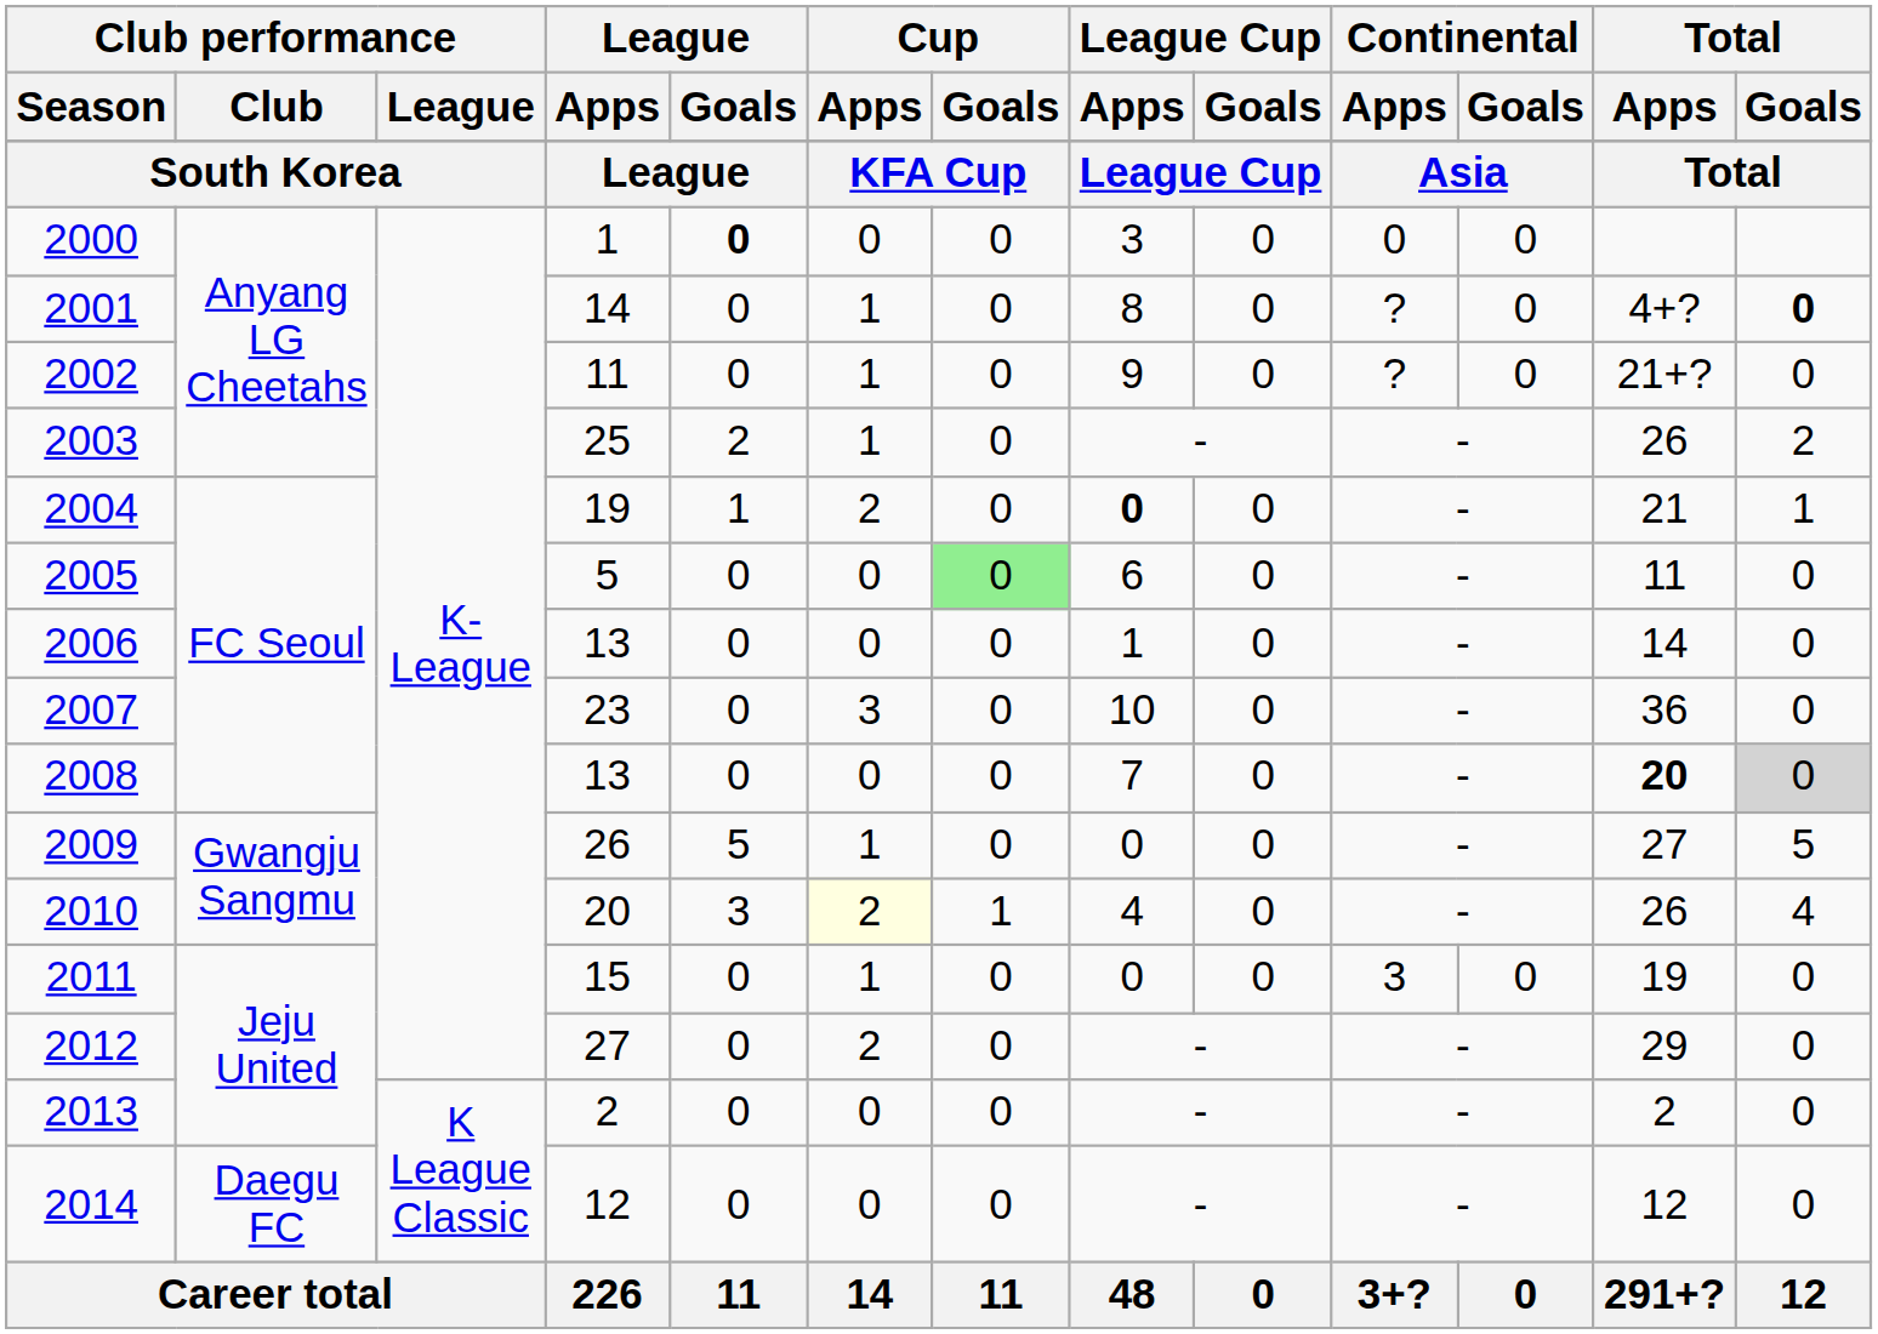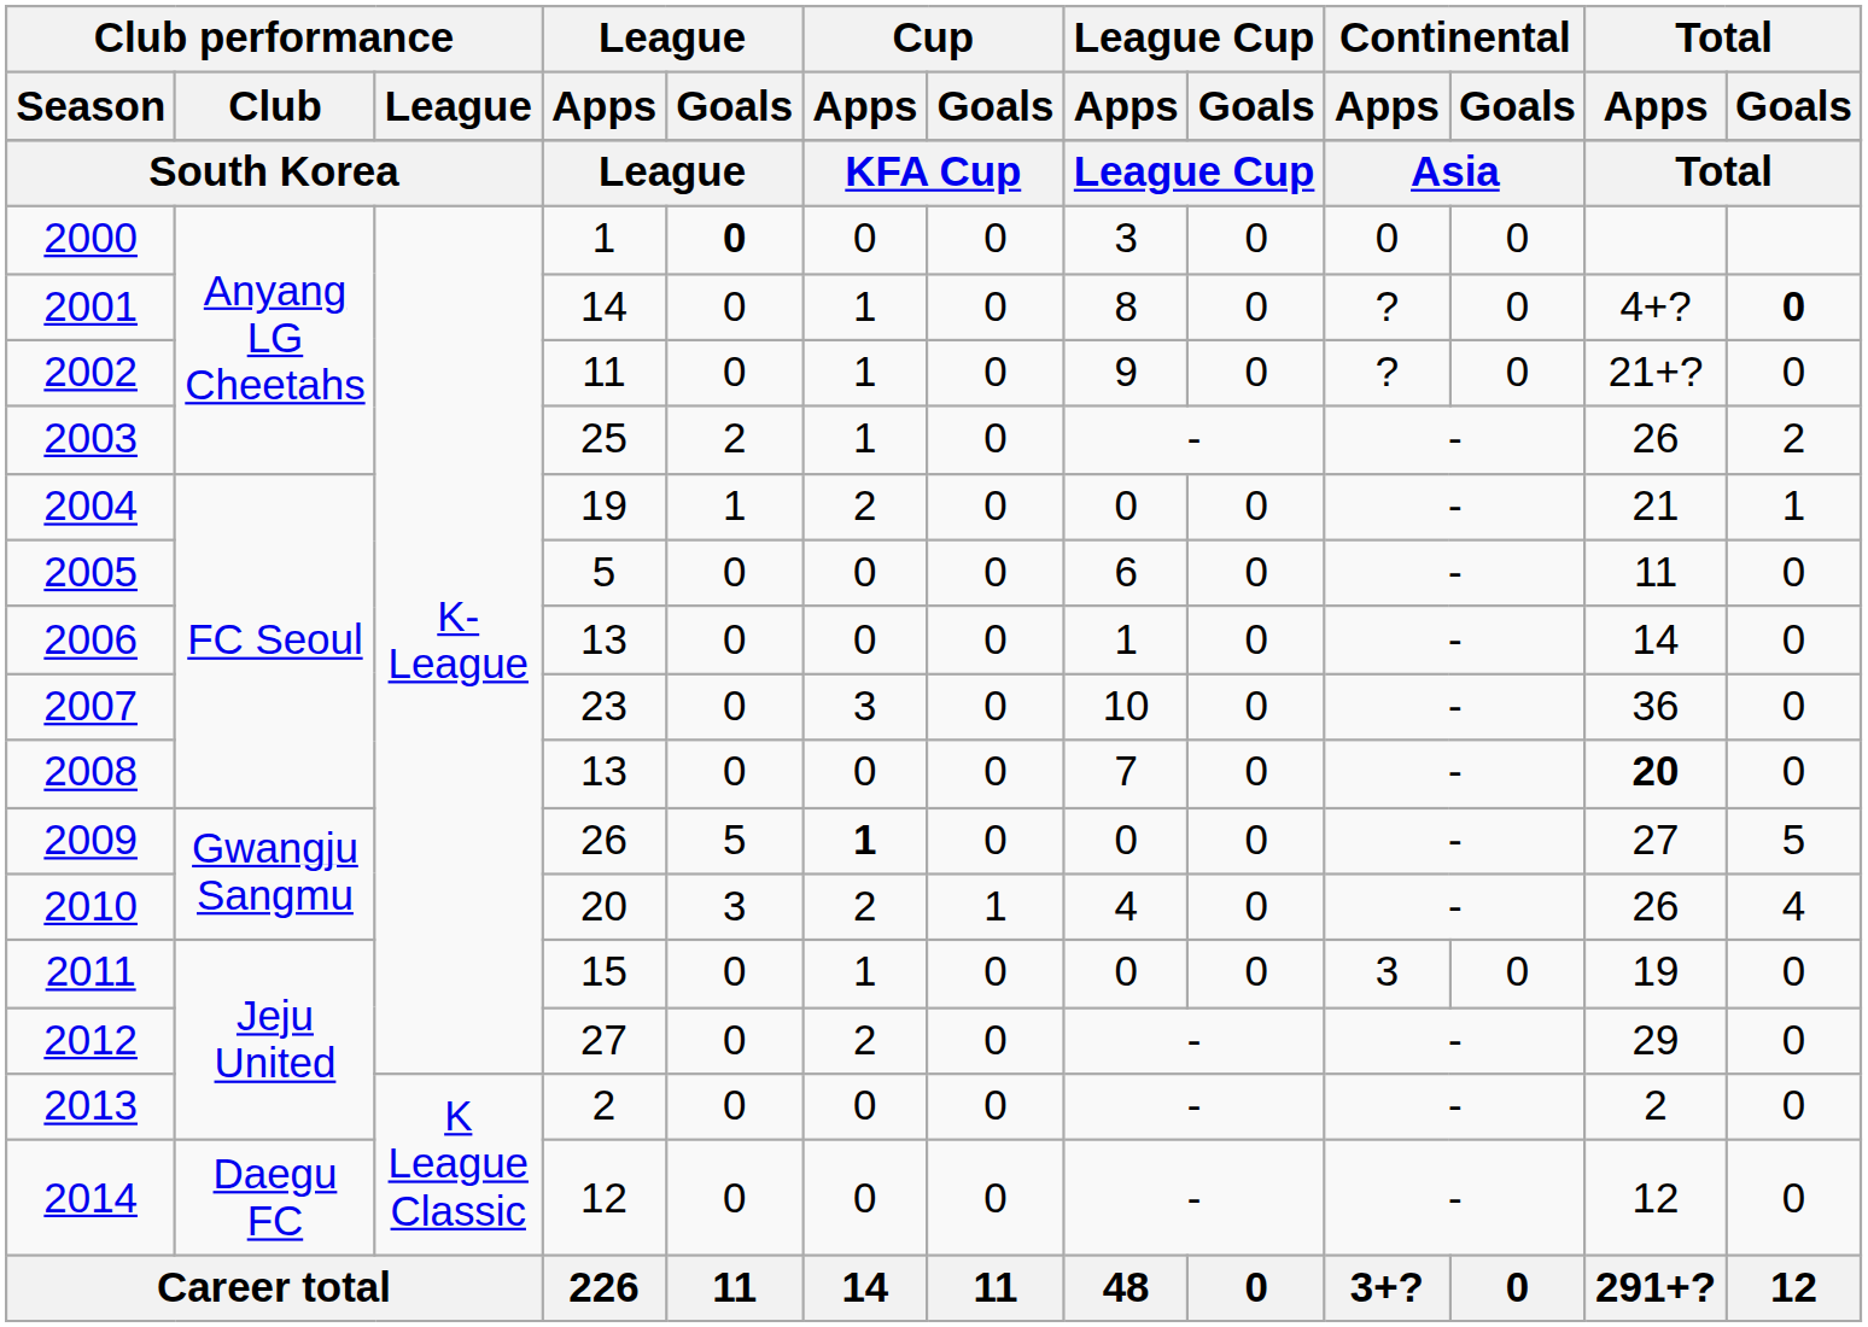 <table class="wikitable" style="text-align:center">
 <tr>
 <th colspan=3>Club performance</th>
 <th colspan=2>League</th>
 <th colspan=2>Cup</th>
 <th colspan=2>League Cup</th>
 <th colspan=2>Continental</th>
 <th colspan=2>Total</th>
 </tr>
 <tr>
 <th>Season</th>
 <th>Club</th>
 <th>League</th>
 <th>Apps</th>
 <th>Goals</th>
 <th>Apps</th>
 <th>Goals</th>
 <th>Apps</th>
 <th>Goals</th>
 <th>Apps</th>
 <th>Goals</th>
 <th>Apps</th>
 <th>Goals</th>
 </tr>
 <tr>
 </tr>
 <tr>
 <th colspan=3>South Korea</th>
 <th colspan=2>League</th>
 <th colspan=2><a href='#'>KFA Cup</a></th>
 <th colspan=2><a href='#'>League Cup</a></th>
 <th colspan=2><a href='#'>Asia</a></th>
 <th colspan=2>Total</th>
 </tr>
 <tr>
 <td><a href='#'>2000</a></td>
 <td rowspan="4"><a href='#'>Anyang LG Cheetahs</a></td>
 <td rowspan="13"><a href='#'>K-League</a></td>
 <td>1</td>
 <td><strong>0</strong></td>
 <td>0</td>
 <td>0</td>
 <td>3</td>
 <td>0</td>
 <td>0</td>
 <td>0</td>
 <td></td>
 <td></td>
 </tr>
 <tr>
 <td><a href='#'>2001</a></td>
 <td>14</td>
 <td>0</td>
 <td>1</td>
 <td>0</td>
 <td>8</td>
 <td>0</td>
 <td>?</td>
 <td>0</td>
 <td>4+?</td>
 <td><strong>0</strong></td>
 </tr>
 <tr>
 <td><a href='#'>2002</a></td>
 <td>11</td>
 <td>0</td>
 <td>1</td>
 <td>0</td>
 <td>9</td>
 <td>0</td>
 <td>?</td>
 <td>0</td>
 <td>21+?</td>
 <td>0</td>
 </tr>
 <tr>
 <td><a href='#'>2003</a></td>
 <td>25</td>
 <td>2</td>
 <td>1</td>
 <td>0</td>
 <td colspan="2">-</td>
 <td colspan="2">-</td>
 <td>26</td>
 <td>2</td>
 </tr>
 <tr>
 <td><a href='#'>2004</a></td>
 <td rowspan="5"><a href='#'>FC Seoul</a></td>
 <td>19</td>
 <td>1</td>
 <td>2</td>
 <td>0</td>
-<td><strong>0</strong></td>
+<td>0</td>
 <td>0</td>
 <td colspan="2">-</td>
 <td>21</td>
 <td>1</td>
 </tr>
 <tr>
 <td><a href='#'>2005</a></td>
 <td>5</td>
 <td>0</td>
 <td>0</td>
-<td style="background: lightgreen;">0</td>
+<td>0</td>
 <td>6</td>
 <td>0</td>
 <td colspan="2">-</td>
 <td>11</td>
 <td>0</td>
 </tr>
 <tr>
 <td><a href='#'>2006</a></td>
 <td>13</td>
 <td>0</td>
 <td>0</td>
 <td>0</td>
 <td>1</td>
 <td>0</td>
 <td colspan="2">-</td>
 <td>14</td>
 <td>0</td>
 </tr>
 <tr>
 <td><a href='#'>2007</a></td>
 <td>23</td>
 <td>0</td>
 <td>3</td>
 <td>0</td>
 <td>10</td>
 <td>0</td>
 <td colspan="2">-</td>
 <td>36</td>
 <td>0</td>
 </tr>
 <tr>
 <td><a href='#'>2008</a></td>
 <td>13</td>
 <td>0</td>
 <td>0</td>
 <td>0</td>
 <td>7</td>
 <td>0</td>
 <td colspan="2">-</td>
 <td><strong>20</strong></td>
-<td style="background: lightgrey;">0</td>
+<td>0</td>
 </tr>
 <tr>
 <td><a href='#'>2009</a></td>
 <td rowspan="2"><a href='#'>Gwangju Sangmu</a></td>
 <td>26</td>
 <td>5</td>
-<td>1</td>
+<td><strong>1</strong></td>
 <td>0</td>
 <td>0</td>
 <td>0</td>
 <td colspan="2">-</td>
 <td>27</td>
 <td>5</td>
 </tr>
 <tr>
 <td><a href='#'>2010</a></td>
 <td>20</td>
 <td>3</td>
-<td style="background: lightyellow;">2</td>
+<td>2</td>
 <td>1</td>
 <td>4</td>
 <td>0</td>
 <td colspan="2">-</td>
 <td>26</td>
 <td>4</td>
 </tr>
 <tr>
 <td><a href='#'>2011</a></td>
 <td rowspan="3"><a href='#'>Jeju United</a></td>
 <td>15</td>
 <td>0</td>
 <td>1</td>
 <td>0</td>
 <td>0</td>
 <td>0</td>
 <td>3</td>
 <td>0</td>
 <td>19</td>
 <td>0</td>
 </tr>
 <tr>
 <td><a href='#'>2012</a></td>
 <td>27</td>
 <td>0</td>
 <td>2</td>
 <td>0</td>
 <td colspan="2">-</td>
 <td colspan="2">-</td>
 <td>29</td>
 <td>0</td>
 </tr>
 <tr>
 <td><a href='#'>2013</a></td>
 <td rowspan="2"><a href='#'>K League Classic</a></td>
 <td>2</td>
 <td>0</td>
 <td>0</td>
 <td>0</td>
 <td colspan="2">-</td>
 <td colspan="2">-</td>
 <td>2</td>
 <td>0</td>
 </tr>
 <tr>
 <td><a href='#'>2014</a></td>
 <td rowspan="1"><a href='#'>Daegu FC</a></td>
 <td>12</td>
 <td>0</td>
 <td>0</td>
 <td>0</td>
 <td colspan="2">-</td>
 <td colspan="2">-</td>
 <td>12</td>
 <td>0</td>
 </tr>
 <tr>
 <th colspan=3>Career total</th>
 <th>226</th>
 <th>11</th>
 <th>14</th>
 <th>11</th>
 <th>48</th>
 <th>0</th>
 <th>3+?</th>
 <th>0</th>
 <th>291+?</th>
 <th>12</th>
 </tr>
 </table>
